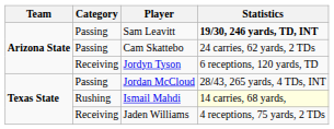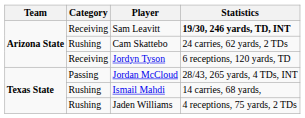 <table class="wikitable" style="float: right;">
 <tr>
 <th>Team</th>
 <th>Category</th>
 <th>Player</th>
 <th>Statistics</th>
 </tr>
 <tr>
 <td rowspan=3><strong>Arizona State</strong></td>
-<td>Passing</td>
+<td>Receiving</td>
 <td>Sam Leavitt</td>
 <td><strong>19/30, 246 yards, TD, INT</strong></td>
 </tr>
 <tr>
-<td>Passing</td>
+<td>Rushing</td>
 <td>Cam Skattebo</td>
 <td>24 carries, 62 yards, 2 TDs</td>
 </tr>
 <tr>
 <td>Receiving</td>
 <td><a href='#'>Jordyn Tyson</a></td>
 <td>6 receptions, 120 yards, TD</td>
 </tr>
 <tr>
 <td rowspan=3><strong>Texas State</strong></td>
 <td>Passing</td>
 <td><a href='#'>Jordan McCloud</a></td>
 <td>28/43, 265 yards, 4 TDs, INT</td>
 </tr>
 <tr>
 <td>Rushing</td>
 <td><a href='#'>Ismail Mahdi</a></td>
-<td style="background: lightyellow;">14 carries, 68 yards,</td>
+<td>14 carries, 68 yards,</td>
 </tr>
 <tr>
-<td>Receiving</td>
+<td>Rushing</td>
 <td>Jaden Williams</td>
 <td>4 receptions, 75 yards, 2 TDs</td>
 </tr>
 </table>
